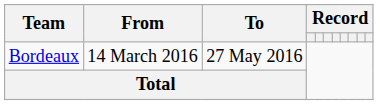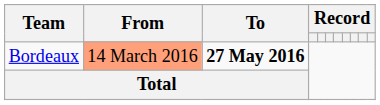 <table class="wikitable" style="text-align: center;">
 <tr>
 <th rowspan="2">Team</th>
 <th rowspan="2">From</th>
 <th rowspan="2">To</th>
 <th colspan="9">Record</th>
 </tr>
 <tr>
 <th></th>
 <th></th>
 <th></th>
 <th></th>
 <th></th>
 <th></th>
 <th></th>
 <th></th>
 </tr>
 <tr>
 <td><a href='#'>Bordeaux</a></td>
-<td>14 March 2016</td>
-<td>27 May 2016<br></td>
+<td style="background: lightsalmon;">14 March 2016</td>
+<td><strong>27 May 2016<br></strong></td>
 </tr>
 <tr>
 <th colspan="3">Total<br></th>
 </tr>
 </table>
